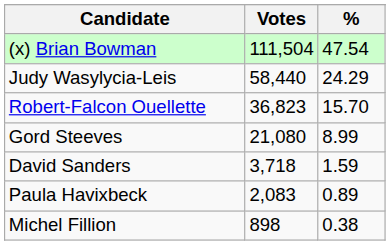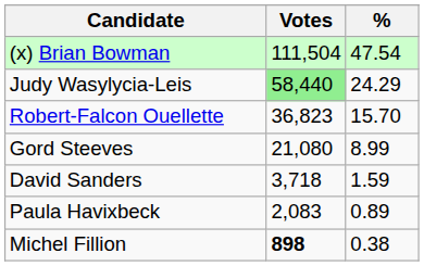 <table class="wikitable sortable">
 <tr>
 </tr>
 <tr>
 <th bgcolor="#DDDDFF" width="200px">Candidate</th>
 <th bgcolor="#DDDDFF" width="50px">Votes</th>
 <th bgcolor="#DDDDFF" width="50px">%</th>
 </tr>
 <tr style="text-align:left; background:#cfc;">
 <td>(x) <a href='#'>Brian Bowman</a></td>
 <td>111,504</td>
 <td>47.54</td>
 </tr>
 <tr>
 <td>Judy Wasylycia-Leis</td>
-<td>58,440</td>
+<td style="background: lightgreen;">58,440</td>
 <td>24.29</td>
 </tr>
 <tr>
 <td><a href='#'>Robert-Falcon Ouellette</a></td>
 <td>36,823</td>
 <td>15.70</td>
 </tr>
 <tr>
 <td>Gord Steeves</td>
 <td>21,080</td>
 <td>8.99</td>
 </tr>
 <tr>
 <td>David Sanders</td>
 <td>3,718</td>
 <td>1.59</td>
 </tr>
 <tr>
 <td>Paula Havixbeck</td>
 <td>2,083</td>
 <td>0.89</td>
 </tr>
 <tr>
 <td>Michel Fillion</td>
-<td>898</td>
+<td><strong>898</strong></td>
 <td>0.38</td>
 </tr>
 </table>
